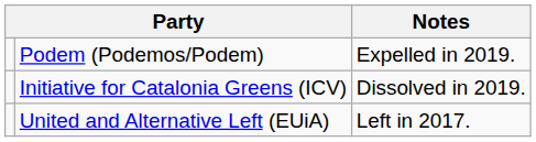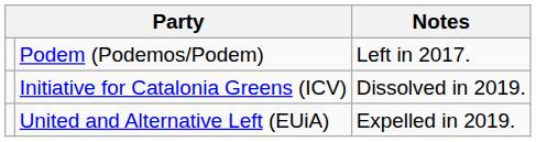 <table class="wikitable" style="text-align:left; font-size:95%;">
 <tr>
 <th colspan="2">Party</th>
 <th>Notes</th>
 </tr>
 <tr>
 <td></td>
 <td><a href='#'>Podem</a> (Podemos/Podem)</td>
-<td>Expelled in 2019.</td>
+<td>Left in 2017.</td>
 </tr>
 <tr>
 <td></td>
 <td><a href='#'>Initiative for Catalonia Greens</a> (ICV)</td>
 <td>Dissolved in 2019.</td>
 </tr>
 <tr>
 <td></td>
 <td><a href='#'>United and Alternative Left</a> (EUiA)</td>
-<td>Left in 2017.</td>
+<td>Expelled in 2019.</td>
 </tr>
 </table>
